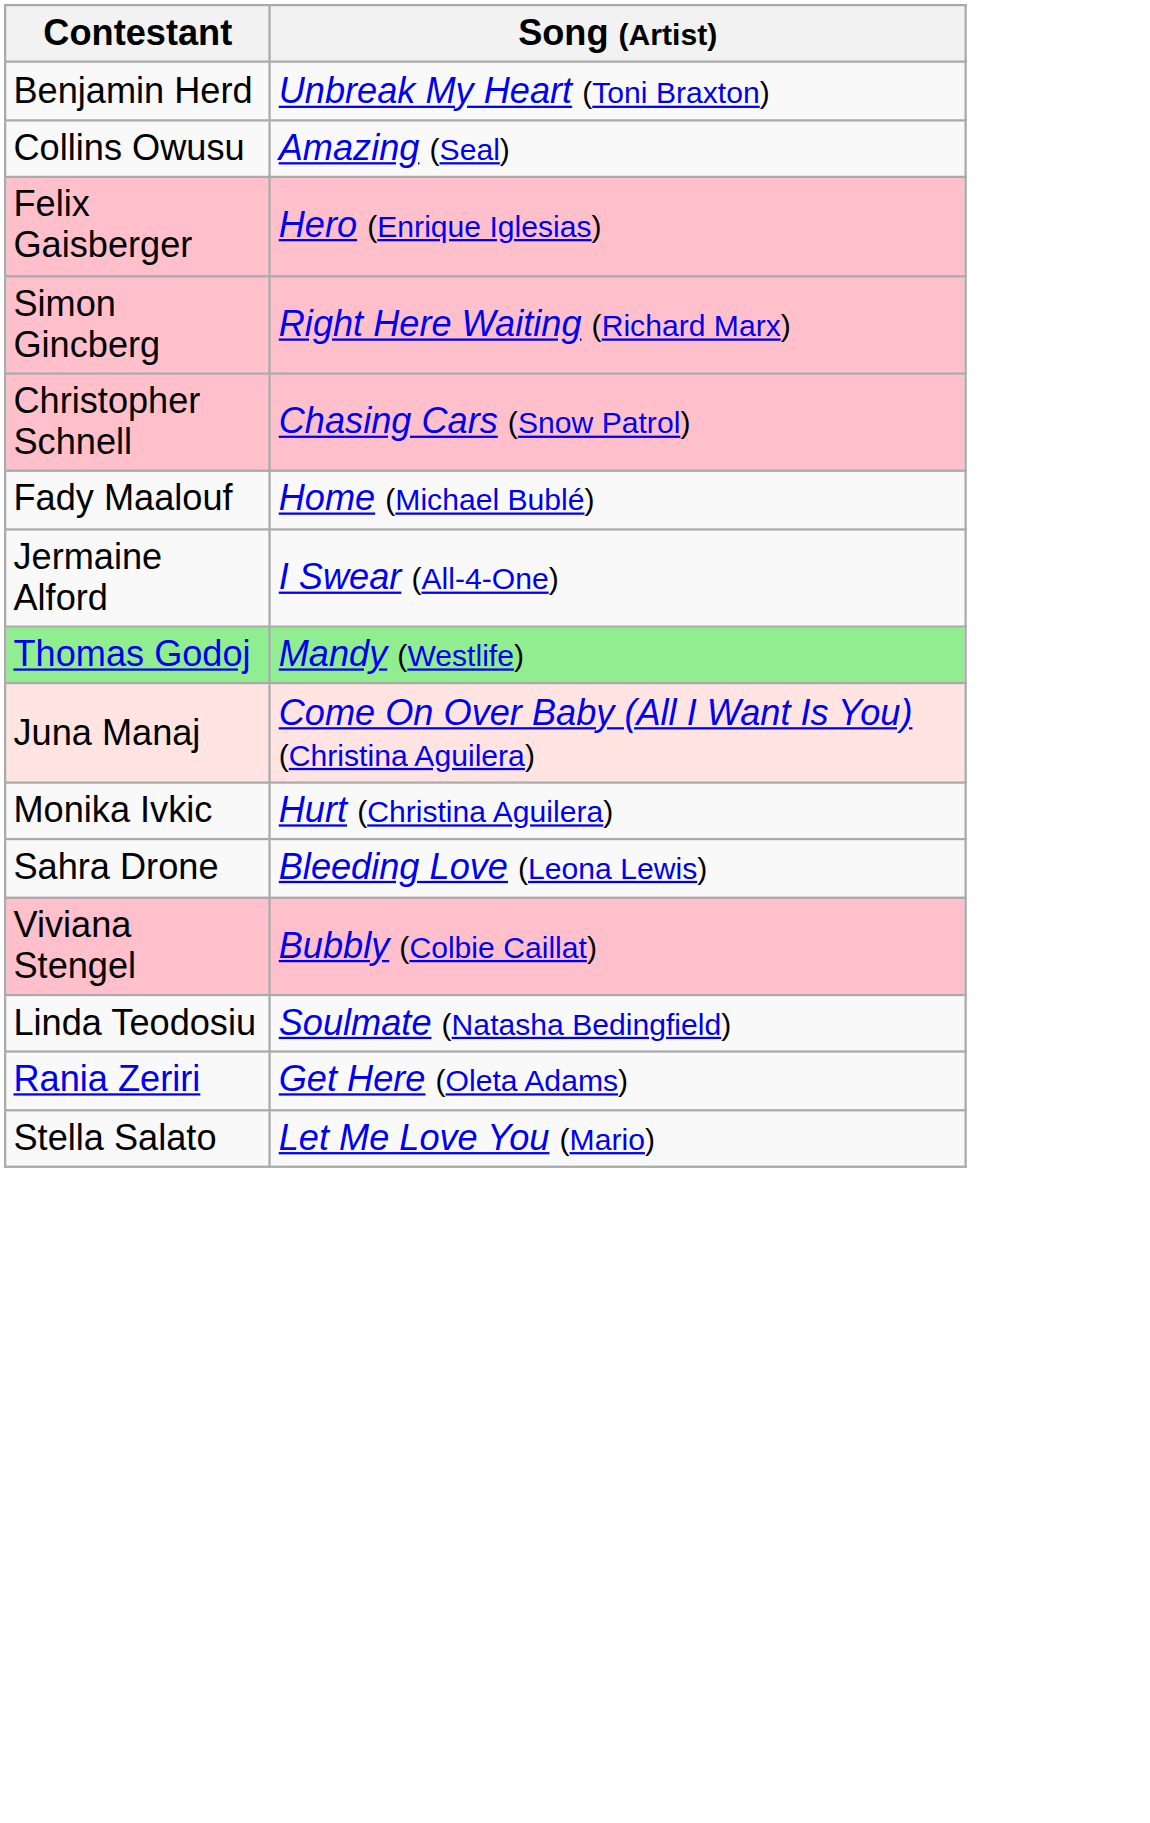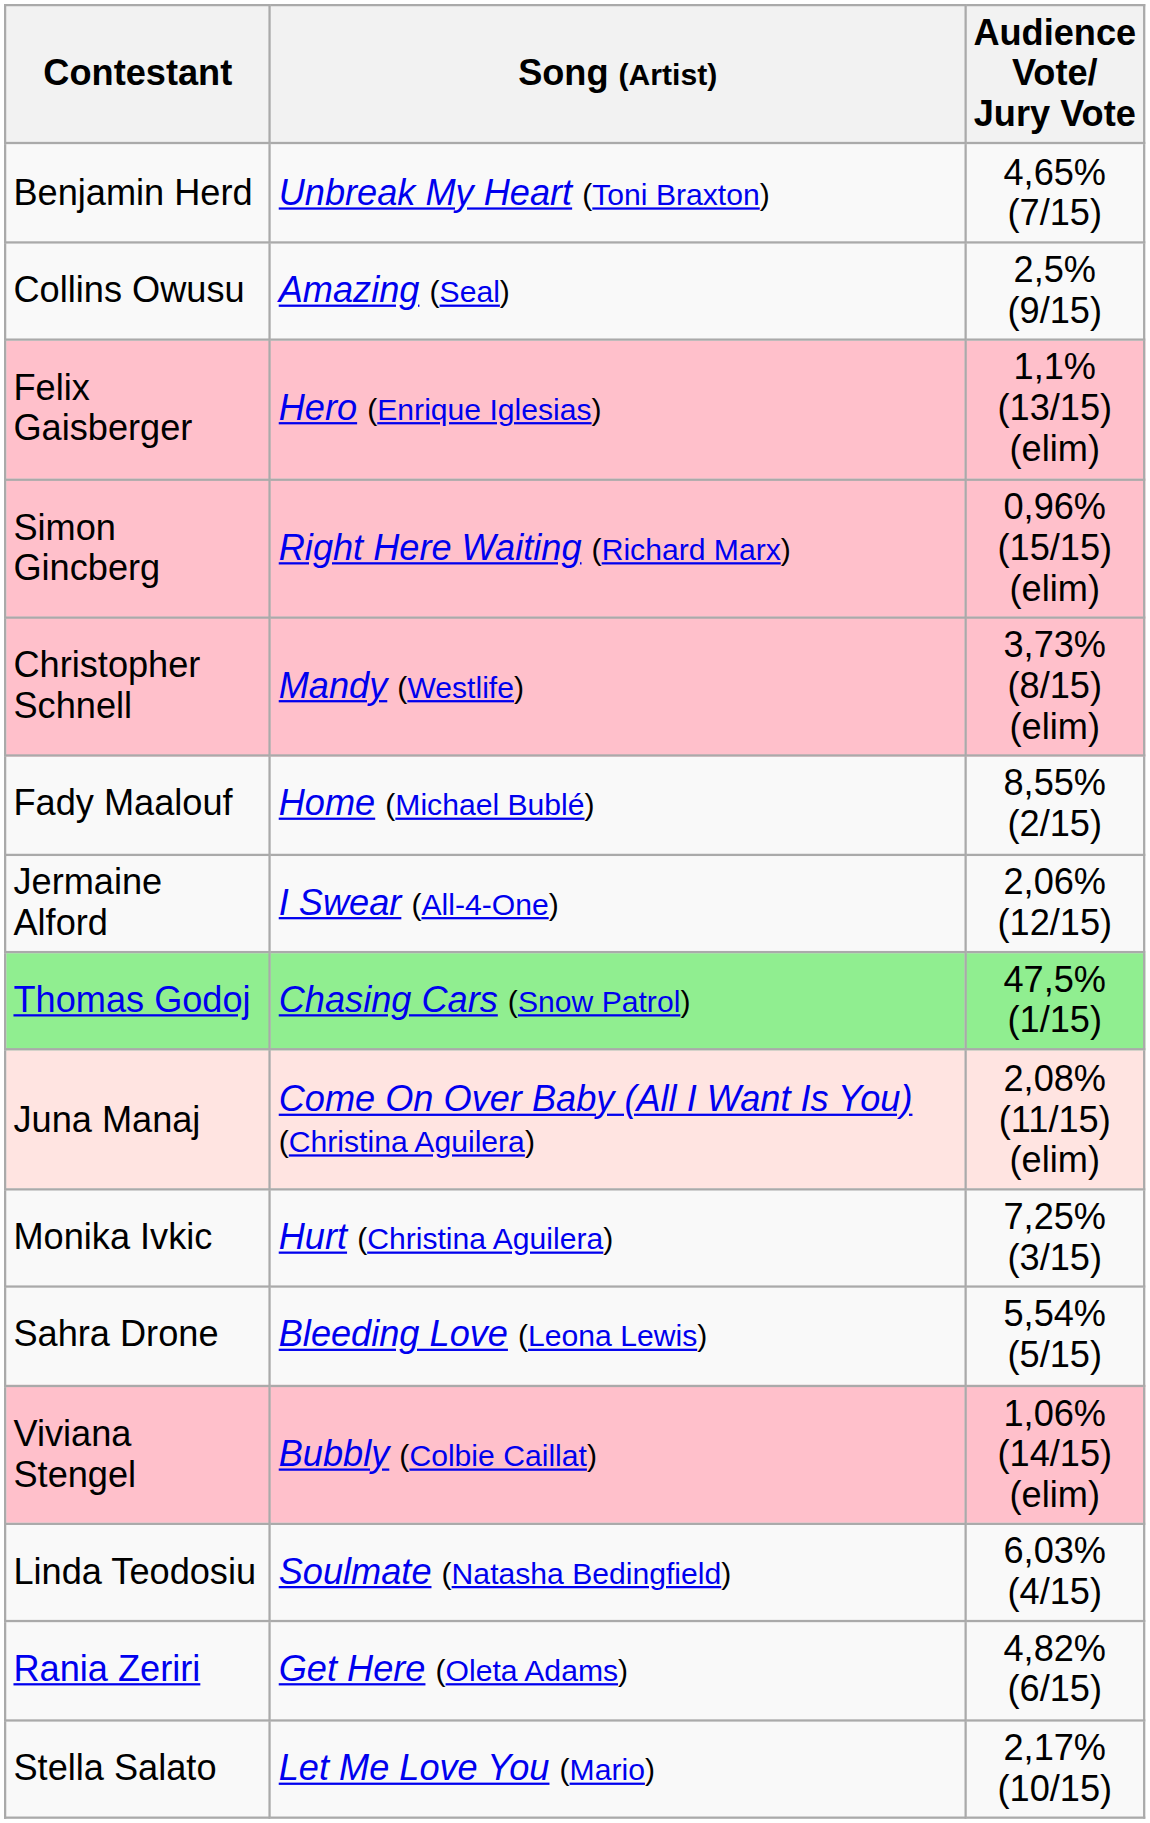 <table class="wikitable">
 <tr>
 <th width="110">Contestant</th>
 <th width="300">Song <small>(Artist)</small></th>
+<th width="28">Audience Vote/<br>Jury Vote</th>
 </tr>
 <tr>
 <td align="left">Benjamin Herd</td>
 <td align="left"><em><a href='#'>Unbreak My Heart</a></em> <small>(<a href='#'>Toni Braxton</a>)</small></td>
+<td align="center">4,65% (7/15)</td>
 </tr>
 <tr>
 <td align="left">Collins Owusu</td>
 <td align="left"><em><a href='#'>Amazing</a></em> <small>(<a href='#'>Seal</a>)</small></td>
+<td align="center">2,5% (9/15)</td>
 </tr>
 <tr bgcolor="pink">
 <td align="left">Felix Gaisberger</td>
 <td align="left"><em><a href='#'>Hero</a></em> <small>(<a href='#'>Enrique Iglesias</a>)</small></td>
+<td align="center">1,1% (13/15) (elim)</td>
 </tr>
 <tr bgcolor="pink">
 <td align="left">Simon Gincberg</td>
 <td align="left"><em><a href='#'>Right Here Waiting</a></em> <small>(<a href='#'>Richard Marx</a>)</small></td>
+<td align="center">0,96% (15/15) (elim)</td>
 </tr>
 <tr bgcolor="pink">
 <td align="left">Christopher Schnell</td>
-<td align="left"><em><a href='#'>Chasing Cars</a></em> <small>(<a href='#'>Snow Patrol</a>)</small></td>
+<td align="left"><em><a href='#'>Mandy</a></em> <small>(<a href='#'>Westlife</a>)</small></td>
+<td align="center">3,73% (8/15) (elim)</td>
 </tr>
 <tr>
 <td align="left">Fady Maalouf</td>
 <td align="left"><em><a href='#'>Home</a></em> <small>(<a href='#'>Michael Bublé</a>)</small></td>
+<td align="center">8,55% (2/15)</td>
 </tr>
 <tr>
 <td align="left">Jermaine Alford</td>
 <td align="left"><em><a href='#'>I Swear</a></em> <small>(<a href='#'>All-4-One</a>)</small></td>
+<td align="center">2,06% (12/15)</td>
 </tr>
 <tr style="background:lightgreen;">
 <td align="left"><a href='#'>Thomas Godoj</a></td>
-<td align="left"><em><a href='#'>Mandy</a></em> <small>(<a href='#'>Westlife</a>)</small></td>
+<td align="left"><em><a href='#'>Chasing Cars</a></em> <small>(<a href='#'>Snow Patrol</a>)</small></td>
+<td align="center">47,5% (1/15)</td>
 </tr>
 <tr bgcolor="#FFE4E1">
 <td align="left">Juna Manaj</td>
 <td align="left"><em><a href='#'>Come On Over Baby (All I Want Is You)</a></em> <small>(<a href='#'>Christina Aguilera</a>)</small></td>
+<td align="center">2,08% (11/15) (elim)</td>
 </tr>
 <tr>
 <td align="left">Monika Ivkic</td>
 <td align="left"><em><a href='#'>Hurt</a></em> <small>(<a href='#'>Christina Aguilera</a>)</small></td>
+<td align="center">7,25% (3/15)</td>
 </tr>
 <tr>
 <td align="left">Sahra Drone</td>
 <td align="left"><em><a href='#'>Bleeding Love</a></em> <small>(<a href='#'>Leona Lewis</a>)</small></td>
+<td align="center">5,54% (5/15)</td>
 </tr>
 <tr bgcolor="pink">
 <td align="left">Viviana Stengel</td>
 <td align="left"><em><a href='#'>Bubbly</a></em> <small>(<a href='#'>Colbie Caillat</a>)</small></td>
+<td align="center">1,06% (14/15) (elim)</td>
 </tr>
 <tr>
 <td align="left">Linda Teodosiu</td>
 <td align="left"><em><a href='#'>Soulmate</a></em> <small>(<a href='#'>Natasha Bedingfield</a>)</small></td>
+<td align="center">6,03% (4/15)</td>
 </tr>
 <tr>
 <td align="left"><a href='#'>Rania Zeriri</a></td>
 <td align="left"><em><a href='#'>Get Here</a></em> <small>(<a href='#'>Oleta Adams</a>)</small></td>
+<td align="center">4,82% (6/15)</td>
 </tr>
 <tr>
 <td align="left">Stella Salato</td>
 <td align="left"><em><a href='#'>Let Me Love You</a></em> <small>(<a href='#'>Mario</a>)</small></td>
+<td align="center">2,17% (10/15)</td>
 </tr>
 </table>
